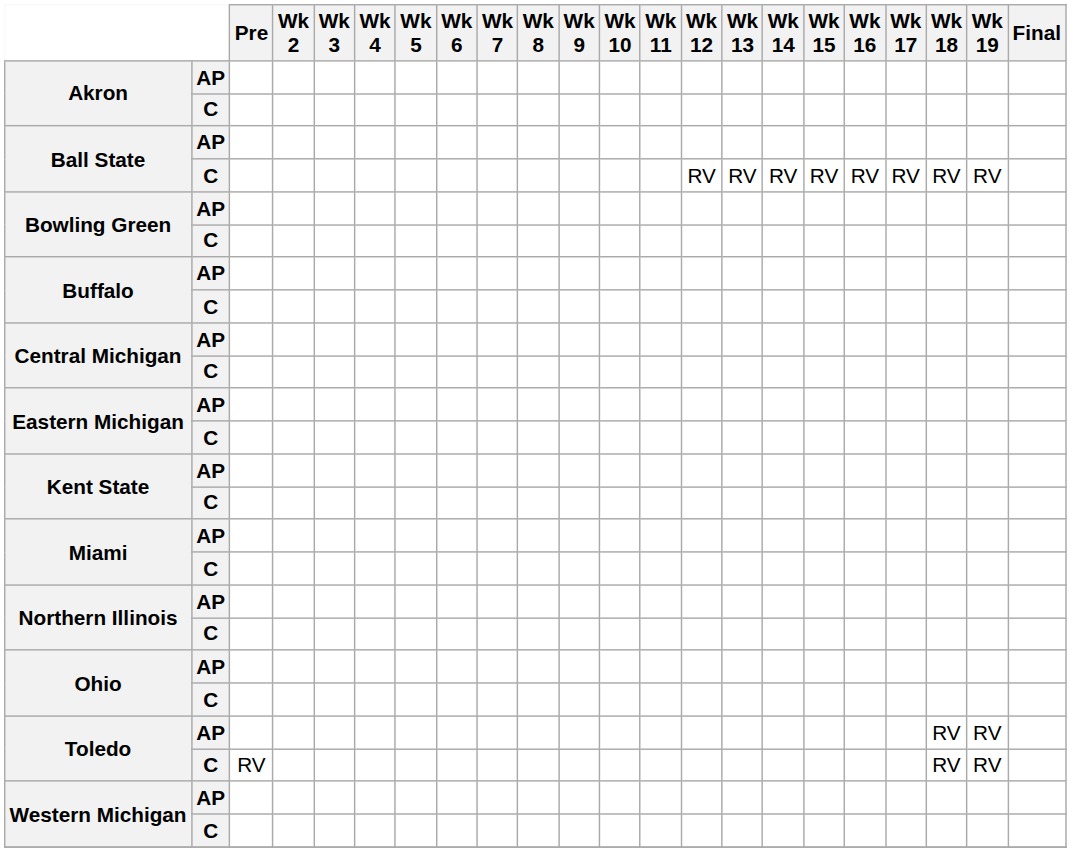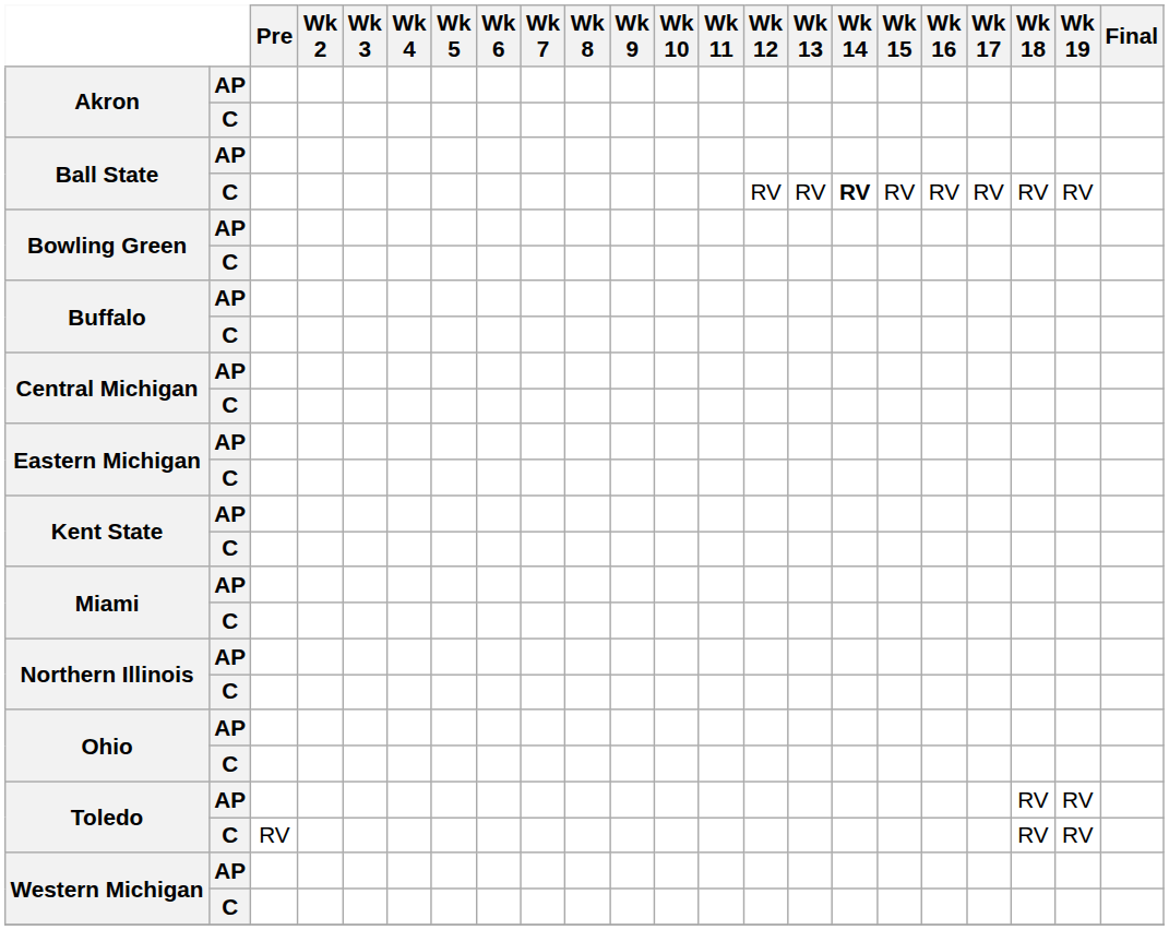 <table class="wikitable" style="white-space:nowrap;font-size:90%;">
 <tr>
 <th colspan=2 style="background:white; border-top-style:hidden; border-left-style:hidden;"> </th>
 <th>Pre</th>
 <th>Wk<br>2</th>
 <th>Wk<br>3</th>
 <th>Wk<br>4</th>
 <th>Wk<br>5</th>
 <th>Wk<br>6</th>
 <th>Wk<br>7</th>
 <th>Wk<br>8</th>
 <th>Wk<br>9</th>
 <th>Wk<br>10</th>
 <th>Wk<br>11</th>
 <th>Wk<br>12</th>
 <th>Wk<br>13</th>
 <th>Wk<br>14</th>
 <th>Wk<br>15</th>
 <th>Wk<br>16</th>
 <th>Wk<br>17</th>
 <th>Wk<br>18</th>
 <th>Wk<br>19</th>
 <th>Final</th>
 </tr>
 <tr style="text-align:center;">
 <th rowspan="2">Akron</th>
 <th>AP</th>
 <td style="background:#FFF;"></td>
 <td style="background:#FFF;"></td>
 <td style="background:#FFF;"></td>
 <td style="background:#FFF;"></td>
 <td style="background:#FFF;"></td>
 <td style="background:#FFF;"></td>
 <td style="background:#FFF;"></td>
 <td style="background:#FFF;"></td>
 <td style="background:#FFF;"></td>
 <td style="background:#FFF;"></td>
 <td style="background:#FFF;"></td>
 <td style="background:#FFF;"></td>
 <td style="background:#FFF;"></td>
 <td style="background:#FFF;"></td>
 <td style="background:#FFF;"></td>
 <td style="background:#FFF;"></td>
 <td style="background:#FFF;"></td>
 <td style="background:#FFF;"></td>
 <td style="background:#FFF;"></td>
 <td style="background:#FFF;"></td>
 </tr>
 <tr style="text-align:center;">
 <th>C</th>
 <td style="background:#FFF;"></td>
 <td style="background:#FFF;"></td>
 <td style="background:#FFF;"></td>
 <td style="background:#FFF;"></td>
 <td style="background:#FFF;"></td>
 <td style="background:#FFF;"></td>
 <td style="background:#FFF;"></td>
 <td style="background:#FFF;"></td>
 <td style="background:#FFF;"></td>
 <td style="background:#FFF;"></td>
 <td style="background:#FFF;"></td>
 <td style="background:#FFF;"></td>
 <td style="background:#FFF;"></td>
 <td style="background:#FFF;"></td>
 <td style="background:#FFF;"></td>
 <td style="background:#FFF;"></td>
 <td style="background:#FFF;"></td>
 <td style="background:#FFF;"></td>
 <td style="background:#FFF;"></td>
 <td style="background:#FFF;"></td>
 </tr>
 <tr style="text-align:center;">
 <th rowspan="2">Ball State</th>
 <th>AP</th>
 <td style="background:#FFF;"></td>
 <td style="background:#FFF;"></td>
 <td style="background:#FFF;"></td>
 <td style="background:#FFF;"></td>
 <td style="background:#FFF;"></td>
 <td style="background:#FFF;"></td>
 <td style="background:#FFF;"></td>
 <td style="background:#FFF;"></td>
 <td style="background:#FFF;"></td>
 <td style="background:#FFF;"></td>
 <td style="background:#FFF;"></td>
 <td style="background:#FFF;"></td>
 <td style="background:#FFF;"></td>
 <td style="background:#FFF;"></td>
 <td style="background:#FFF;"></td>
 <td style="background:#FFF;"></td>
 <td style="background:#FFF;"></td>
 <td style="background:#FFF;"></td>
 <td style="background:#FFF;"></td>
 <td style="background:#FFF;"></td>
 </tr>
 <tr style="text-align:center;">
 <th>C</th>
 <td style="background:#FFF;"></td>
 <td style="background:#FFF;"></td>
 <td style="background:#FFF;"></td>
 <td style="background:#FFF;"></td>
 <td style="background:#FFF;"></td>
 <td style="background:#FFF;"></td>
 <td style="background:#FFF;"></td>
 <td style="background:#FFF;"></td>
 <td style="background:#FFF;"></td>
 <td style="background:#FFF;"></td>
 <td style="background:#FFF;"></td>
 <td style="background:#FFF;">RV</td>
 <td style="background:#FFF;">RV</td>
-<td style="background:#FFF;">RV</td>
+<td style="background:#FFF;"><strong>RV</strong></td>
 <td style="background:#FFF;">RV</td>
 <td style="background:#FFF;">RV</td>
 <td style="background:#FFF;">RV</td>
 <td style="background:#FFF;">RV</td>
 <td style="background:#FFF;">RV</td>
 <td style="background:#FFF;"></td>
 </tr>
 <tr style="text-align:center;">
 <th rowspan="2">Bowling Green</th>
 <th>AP</th>
 <td style="background:#FFF;"></td>
 <td style="background:#FFF;"></td>
 <td style="background:#FFF;"></td>
 <td style="background:#FFF;"></td>
 <td style="background:#FFF;"></td>
 <td style="background:#FFF;"></td>
 <td style="background:#FFF;"></td>
 <td style="background:#FFF;"></td>
 <td style="background:#FFF;"></td>
 <td style="background:#FFF;"></td>
 <td style="background:#FFF;"></td>
 <td style="background:#FFF;"></td>
 <td style="background:#FFF;"></td>
 <td style="background:#FFF;"></td>
 <td style="background:#FFF;"></td>
 <td style="background:#FFF;"></td>
 <td style="background:#FFF;"></td>
 <td style="background:#FFF;"></td>
 <td style="background:#FFF;"></td>
 <td style="background:#FFF;"></td>
 </tr>
 <tr style="text-align:center;">
 <th>C</th>
 <td style="background:#FFF;"></td>
 <td style="background:#FFF;"></td>
 <td style="background:#FFF;"></td>
 <td style="background:#FFF;"></td>
 <td style="background:#FFF;"></td>
 <td style="background:#FFF;"></td>
 <td style="background:#FFF;"></td>
 <td style="background:#FFF;"></td>
 <td style="background:#FFF;"></td>
 <td style="background:#FFF;"></td>
 <td style="background:#FFF;"></td>
 <td style="background:#FFF;"></td>
 <td style="background:#FFF;"></td>
 <td style="background:#FFF;"></td>
 <td style="background:#FFF;"></td>
 <td style="background:#FFF;"></td>
 <td style="background:#FFF;"></td>
 <td style="background:#FFF;"></td>
 <td style="background:#FFF;"></td>
 <td style="background:#FFF;"></td>
 </tr>
 <tr style="text-align:center;">
 <th rowspan="2">Buffalo</th>
 <th>AP</th>
 <td style="background:#FFF;"></td>
 <td style="background:#FFF;"></td>
 <td style="background:#FFF;"></td>
 <td style="background:#FFF;"></td>
 <td style="background:#FFF;"></td>
 <td style="background:#FFF;"></td>
 <td style="background:#FFF;"></td>
 <td style="background:#FFF;"></td>
 <td style="background:#FFF;"></td>
 <td style="background:#FFF;"></td>
 <td style="background:#FFF;"></td>
 <td style="background:#FFF;"></td>
 <td style="background:#FFF;"></td>
 <td style="background:#FFF;"></td>
 <td style="background:#FFF;"></td>
 <td style="background:#FFF;"></td>
 <td style="background:#FFF;"></td>
 <td style="background:#FFF;"></td>
 <td style="background:#FFF;"></td>
 <td style="background:#FFF;"></td>
 </tr>
 <tr style="text-align:center;">
 <th>C</th>
 <td style="background:#FFF;"></td>
 <td style="background:#FFF;"></td>
 <td style="background:#FFF;"></td>
 <td style="background:#FFF;"></td>
 <td style="background:#FFF;"></td>
 <td style="background:#FFF;"></td>
 <td style="background:#FFF;"></td>
 <td style="background:#FFF;"></td>
 <td style="background:#FFF;"></td>
 <td style="background:#FFF;"></td>
 <td style="background:#FFF;"></td>
 <td style="background:#FFF;"></td>
 <td style="background:#FFF;"></td>
 <td style="background:#FFF;"></td>
 <td style="background:#FFF;"></td>
 <td style="background:#FFF;"></td>
 <td style="background:#FFF;"></td>
 <td style="background:#FFF;"></td>
 <td style="background:#FFF;"></td>
 <td style="background:#FFF;"></td>
 </tr>
 <tr style="text-align:center;">
 <th rowspan="2">Central Michigan</th>
 <th>AP</th>
 <td style="background:#FFF;"></td>
 <td style="background:#FFF;"></td>
 <td style="background:#FFF;"></td>
 <td style="background:#FFF;"></td>
 <td style="background:#FFF;"></td>
 <td style="background:#FFF;"></td>
 <td style="background:#FFF;"></td>
 <td style="background:#FFF;"></td>
 <td style="background:#FFF;"></td>
 <td style="background:#FFF;"></td>
 <td style="background:#FFF;"></td>
 <td style="background:#FFF;"></td>
 <td style="background:#FFF;"></td>
 <td style="background:#FFF;"></td>
 <td style="background:#FFF;"></td>
 <td style="background:#FFF;"></td>
 <td style="background:#FFF;"></td>
 <td style="background:#FFF;"></td>
 <td style="background:#FFF;"></td>
 <td style="background:#FFF;"></td>
 </tr>
 <tr style="text-align:center;">
 <th>C</th>
 <td style="background:#FFF;"></td>
 <td style="background:#FFF;"></td>
 <td style="background:#FFF;"></td>
 <td style="background:#FFF;"></td>
 <td style="background:#FFF;"></td>
 <td style="background:#FFF;"></td>
 <td style="background:#FFF;"></td>
 <td style="background:#FFF;"></td>
 <td style="background:#FFF;"></td>
 <td style="background:#FFF;"></td>
 <td style="background:#FFF;"></td>
 <td style="background:#FFF;"></td>
 <td style="background:#FFF;"></td>
 <td style="background:#FFF;"></td>
 <td style="background:#FFF;"></td>
 <td style="background:#FFF;"></td>
 <td style="background:#FFF;"></td>
 <td style="background:#FFF;"></td>
 <td style="background:#FFF;"></td>
 <td style="background:#FFF;"></td>
 </tr>
 <tr style="text-align:center;">
 <th rowspan="2">Eastern Michigan</th>
 <th>AP</th>
 <td style="background:#FFF;"></td>
 <td style="background:#FFF;"></td>
 <td style="background:#FFF;"></td>
 <td style="background:#FFF;"></td>
 <td style="background:#FFF;"></td>
 <td style="background:#FFF;"></td>
 <td style="background:#FFF;"></td>
 <td style="background:#FFF;"></td>
 <td style="background:#FFF;"></td>
 <td style="background:#FFF;"></td>
 <td style="background:#FFF;"></td>
 <td style="background:#FFF;"></td>
 <td style="background:#FFF;"></td>
 <td style="background:#FFF;"></td>
 <td style="background:#FFF;"></td>
 <td style="background:#FFF;"></td>
 <td style="background:#FFF;"></td>
 <td style="background:#FFF;"></td>
 <td style="background:#FFF;"></td>
 <td style="background:#FFF;"></td>
 </tr>
 <tr style="text-align:center;">
 <th>C</th>
 <td style="background:#FFF;"></td>
 <td style="background:#FFF;"></td>
 <td style="background:#FFF;"></td>
 <td style="background:#FFF;"></td>
 <td style="background:#FFF;"></td>
 <td style="background:#FFF;"></td>
 <td style="background:#FFF;"></td>
 <td style="background:#FFF;"></td>
 <td style="background:#FFF;"></td>
 <td style="background:#FFF;"></td>
 <td style="background:#FFF;"></td>
 <td style="background:#FFF;"></td>
 <td style="background:#FFF;"></td>
 <td style="background:#FFF;"></td>
 <td style="background:#FFF;"></td>
 <td style="background:#FFF;"></td>
 <td style="background:#FFF;"></td>
 <td style="background:#FFF;"></td>
 <td style="background:#FFF;"></td>
 <td style="background:#FFF;"></td>
 </tr>
 <tr style="text-align:center;">
 <th rowspan="2">Kent State</th>
 <th>AP</th>
 <td style="background:#FFF;"></td>
 <td style="background:#FFF;"></td>
 <td style="background:#FFF;"></td>
 <td style="background:#FFF;"></td>
 <td style="background:#FFF;"></td>
 <td style="background:#FFF;"></td>
 <td style="background:#FFF;"></td>
 <td style="background:#FFF;"></td>
 <td style="background:#FFF;"></td>
 <td style="background:#FFF;"></td>
 <td style="background:#FFF;"></td>
 <td style="background:#FFF;"></td>
 <td style="background:#FFF;"></td>
 <td style="background:#FFF;"></td>
 <td style="background:#FFF;"></td>
 <td style="background:#FFF;"></td>
 <td style="background:#FFF;"></td>
 <td style="background:#FFF;"></td>
 <td style="background:#FFF;"></td>
 <td style="background:#FFF;"></td>
 </tr>
 <tr style="text-align:center;">
 <th>C</th>
 <td style="background:#FFF;"></td>
 <td style="background:#FFF;"></td>
 <td style="background:#FFF;"></td>
 <td style="background:#FFF;"></td>
 <td style="background:#FFF;"></td>
 <td style="background:#FFF;"></td>
 <td style="background:#FFF;"></td>
 <td style="background:#FFF;"></td>
 <td style="background:#FFF;"></td>
 <td style="background:#FFF;"></td>
 <td style="background:#FFF;"></td>
 <td style="background:#FFF;"></td>
 <td style="background:#FFF;"></td>
 <td style="background:#FFF;"></td>
 <td style="background:#FFF;"></td>
 <td style="background:#FFF;"></td>
 <td style="background:#FFF;"></td>
 <td style="background:#FFF;"></td>
 <td style="background:#FFF;"></td>
 <td style="background:#FFF;"></td>
 </tr>
 <tr style="text-align:center;">
 <th rowspan="2">Miami</th>
 <th>AP</th>
 <td style="background:#FFF;"></td>
 <td style="background:#FFF;"></td>
 <td style="background:#FFF;"></td>
 <td style="background:#FFF;"></td>
 <td style="background:#FFF;"></td>
 <td style="background:#FFF;"></td>
 <td style="background:#FFF;"></td>
 <td style="background:#FFF;"></td>
 <td style="background:#FFF;"></td>
 <td style="background:#FFF;"></td>
 <td style="background:#FFF;"></td>
 <td style="background:#FFF;"></td>
 <td style="background:#FFF;"></td>
 <td style="background:#FFF;"></td>
 <td style="background:#FFF;"></td>
 <td style="background:#FFF;"></td>
 <td style="background:#FFF;"></td>
 <td style="background:#FFF;"></td>
 <td style="background:#FFF;"></td>
 <td style="background:#FFF;"></td>
 </tr>
 <tr style="text-align:center;">
 <th>C</th>
 <td style="background:#FFF;"></td>
 <td style="background:#FFF;"></td>
 <td style="background:#FFF;"></td>
 <td style="background:#FFF;"></td>
 <td style="background:#FFF;"></td>
 <td style="background:#FFF;"></td>
 <td style="background:#FFF;"></td>
 <td style="background:#FFF;"></td>
 <td style="background:#FFF;"></td>
 <td style="background:#FFF;"></td>
 <td style="background:#FFF;"></td>
 <td style="background:#FFF;"></td>
 <td style="background:#FFF;"></td>
 <td style="background:#FFF;"></td>
 <td style="background:#FFF;"></td>
 <td style="background:#FFF;"></td>
 <td style="background:#FFF;"></td>
 <td style="background:#FFF;"></td>
 <td style="background:#FFF;"></td>
 <td style="background:#FFF;"></td>
 </tr>
 <tr style="text-align:center;">
 <th rowspan="2">Northern Illinois</th>
 <th>AP</th>
 <td style="background:#FFF;"></td>
 <td style="background:#FFF;"></td>
 <td style="background:#FFF;"></td>
 <td style="background:#FFF;"></td>
 <td style="background:#FFF;"></td>
 <td style="background:#FFF;"></td>
 <td style="background:#FFF;"></td>
 <td style="background:#FFF;"></td>
 <td style="background:#FFF;"></td>
 <td style="background:#FFF;"></td>
 <td style="background:#FFF;"></td>
 <td style="background:#FFF;"></td>
 <td style="background:#FFF;"></td>
 <td style="background:#FFF;"></td>
 <td style="background:#FFF;"></td>
 <td style="background:#FFF;"></td>
 <td style="background:#FFF;"></td>
 <td style="background:#FFF;"></td>
 <td style="background:#FFF;"></td>
 <td style="background:#FFF;"></td>
 </tr>
 <tr style="text-align:center;">
 <th>C</th>
 <td style="background:#FFF;"></td>
 <td style="background:#FFF;"></td>
 <td style="background:#FFF;"></td>
 <td style="background:#FFF;"></td>
 <td style="background:#FFF;"></td>
 <td style="background:#FFF;"></td>
 <td style="background:#FFF;"></td>
 <td style="background:#FFF;"></td>
 <td style="background:#FFF;"></td>
 <td style="background:#FFF;"></td>
 <td style="background:#FFF;"></td>
 <td style="background:#FFF;"></td>
 <td style="background:#FFF;"></td>
 <td style="background:#FFF;"></td>
 <td style="background:#FFF;"></td>
 <td style="background:#FFF;"></td>
 <td style="background:#FFF;"></td>
 <td style="background:#FFF;"></td>
 <td style="background:#FFF;"></td>
 <td style="background:#FFF;"></td>
 </tr>
 <tr style="text-align:center;">
 <th rowspan="2">Ohio</th>
 <th>AP</th>
 <td style="background:#FFF;"></td>
 <td style="background:#FFF;"></td>
 <td style="background:#FFF;"></td>
 <td style="background:#FFF;"></td>
 <td style="background:#FFF;"></td>
 <td style="background:#FFF;"></td>
 <td style="background:#FFF;"></td>
 <td style="background:#FFF;"></td>
 <td style="background:#FFF;"></td>
 <td style="background:#FFF;"></td>
 <td style="background:#FFF;"></td>
 <td style="background:#FFF;"></td>
 <td style="background:#FFF;"></td>
 <td style="background:#FFF;"></td>
 <td style="background:#FFF;"></td>
 <td style="background:#FFF;"></td>
 <td style="background:#FFF;"></td>
 <td style="background:#FFF;"></td>
 <td style="background:#FFF;"></td>
 <td style="background:#FFF;"></td>
 </tr>
 <tr style="text-align:center;">
 <th>C</th>
 <td style="background:#FFF;"></td>
 <td style="background:#FFF;"></td>
 <td style="background:#FFF;"></td>
 <td style="background:#FFF;"></td>
 <td style="background:#FFF;"></td>
 <td style="background:#FFF;"></td>
 <td style="background:#FFF;"></td>
 <td style="background:#FFF;"></td>
 <td style="background:#FFF;"></td>
 <td style="background:#FFF;"></td>
 <td style="background:#FFF;"></td>
 <td style="background:#FFF;"></td>
 <td style="background:#FFF;"></td>
 <td style="background:#FFF;"></td>
 <td style="background:#FFF;"></td>
 <td style="background:#FFF;"></td>
 <td style="background:#FFF;"></td>
 <td style="background:#FFF;"></td>
 <td style="background:#FFF;"></td>
 <td style="background:#FFF;"></td>
 </tr>
 <tr style="text-align:center;">
 <th rowspan="2">Toledo</th>
 <th>AP</th>
 <td style="background:#FFF;"></td>
 <td style="background:#FFF;"></td>
 <td style="background:#FFF;"></td>
 <td style="background:#FFF;"></td>
 <td style="background:#FFF;"></td>
 <td style="background:#FFF;"></td>
 <td style="background:#FFF;"></td>
 <td style="background:#FFF;"></td>
 <td style="background:#FFF;"></td>
 <td style="background:#FFF;"></td>
 <td style="background:#FFF;"></td>
 <td style="background:#FFF;"></td>
 <td style="background:#FFF;"></td>
 <td style="background:#FFF;"></td>
 <td style="background:#FFF;"></td>
 <td style="background:#FFF;"></td>
 <td style="background:#FFF;"></td>
 <td style="background:#FFF;">RV</td>
 <td style="background:#FFF;">RV</td>
 <td style="background:#FFF;"></td>
 </tr>
 <tr style="text-align:center;">
 <th>C</th>
 <td style="background:#FFF;">RV</td>
 <td style="background:#FFF;"></td>
 <td style="background:#FFF;"></td>
 <td style="background:#FFF;"></td>
 <td style="background:#FFF;"></td>
 <td style="background:#FFF;"></td>
 <td style="background:#FFF;"></td>
 <td style="background:#FFF;"></td>
 <td style="background:#FFF;"></td>
 <td style="background:#FFF;"></td>
 <td style="background:#FFF;"></td>
 <td style="background:#FFF;"></td>
 <td style="background:#FFF;"></td>
 <td style="background:#FFF;"></td>
 <td style="background:#FFF;"></td>
 <td style="background:#FFF;"></td>
 <td style="background:#FFF;"></td>
 <td style="background:#FFF;">RV</td>
 <td style="background:#FFF;">RV</td>
 <td style="background:#FFF;"></td>
 </tr>
 <tr style="text-align:center;">
 <th rowspan="2">Western Michigan</th>
 <th>AP</th>
 <td style="background:#FFF;"></td>
 <td style="background:#FFF;"></td>
 <td style="background:#FFF;"></td>
 <td style="background:#FFF;"></td>
 <td style="background:#FFF;"></td>
 <td style="background:#FFF;"></td>
 <td style="background:#FFF;"></td>
 <td style="background:#FFF;"></td>
 <td style="background:#FFF;"></td>
 <td style="background:#FFF;"></td>
 <td style="background:#FFF;"></td>
 <td style="background:#FFF;"></td>
 <td style="background:#FFF;"></td>
 <td style="background:#FFF;"></td>
 <td style="background:#FFF;"></td>
 <td style="background:#FFF;"></td>
 <td style="background:#FFF;"></td>
 <td style="background:#FFF;"></td>
 <td style="background:#FFF;"></td>
 <td style="background:#FFF;"></td>
 </tr>
 <tr style="text-align:center;">
 <th>C</th>
 <td style="background:#FFF;"></td>
 <td style="background:#FFF;"></td>
 <td style="background:#FFF;"></td>
 <td style="background:#FFF;"></td>
 <td style="background:#FFF;"></td>
 <td style="background:#FFF;"></td>
 <td style="background:#FFF;"></td>
 <td style="background:#FFF;"></td>
 <td style="background:#FFF;"></td>
 <td style="background:#FFF;"></td>
 <td style="background:#FFF;"></td>
 <td style="background:#FFF;"></td>
 <td style="background:#FFF;"></td>
 <td style="background:#FFF;"></td>
 <td style="background:#FFF;"></td>
 <td style="background:#FFF;"></td>
 <td style="background:#FFF;"></td>
 <td style="background:#FFF;"></td>
 <td style="background:#FFF;"></td>
 <td style="background:#FFF;"></td>
 </tr>
 <tr style="text-align:center;">
 </tr>
 </table>
